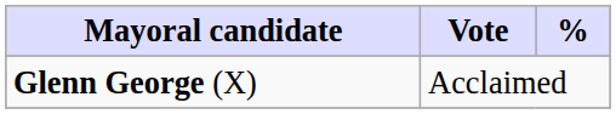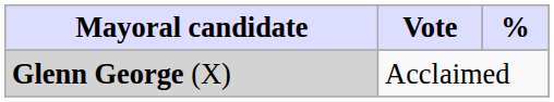 <table class="wikitable">
 <tr>
 <th style="background:#ddf; width:200px;">Mayoral candidate</th>
 <th style="background:#ddf; width:50px;">Vote</th>
 <th style="background:#ddf; width:30px;">%</th>
 </tr>
 <tr>
-<td><strong>Glenn George</strong> (X)</td>
+<td style="background: lightgrey;"><strong>Glenn George</strong> (X)</td>
 <td colspan="2">Acclaimed</td>
 </tr>
 </table>
